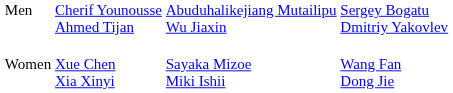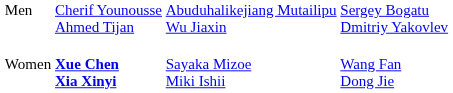 <table>
 <tr>
 <td>Men<br></td>
 <td><br><a href='#'>Cherif Younousse</a><br><a href='#'>Ahmed Tijan</a></td>
 <td><br><a href='#'>Abuduhalikejiang Mutailipu</a><br><a href='#'>Wu Jiaxin</a></td>
 <td><br><a href='#'>Sergey Bogatu</a><br><a href='#'>Dmitriy Yakovlev</a></td>
 </tr>
 <tr>
 <td>Women<br></td>
-<td><br><a href='#'>Xue Chen</a><br><a href='#'>Xia Xinyi</a></td>
+<td><strong><br><a href='#'>Xue Chen</a><br><a href='#'>Xia Xinyi</a></strong></td>
 <td><br><a href='#'>Sayaka Mizoe</a><br><a href='#'>Miki Ishii</a></td>
 <td><br><a href='#'>Wang Fan</a><br><a href='#'>Dong Jie</a></td>
 </tr>
 </table>
